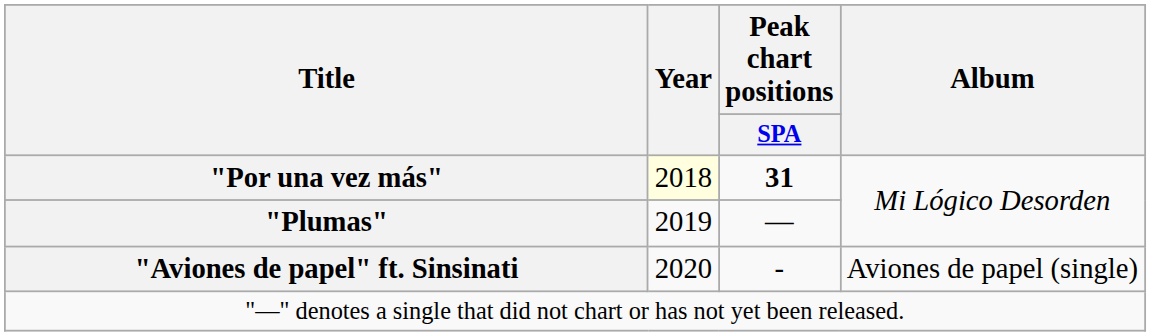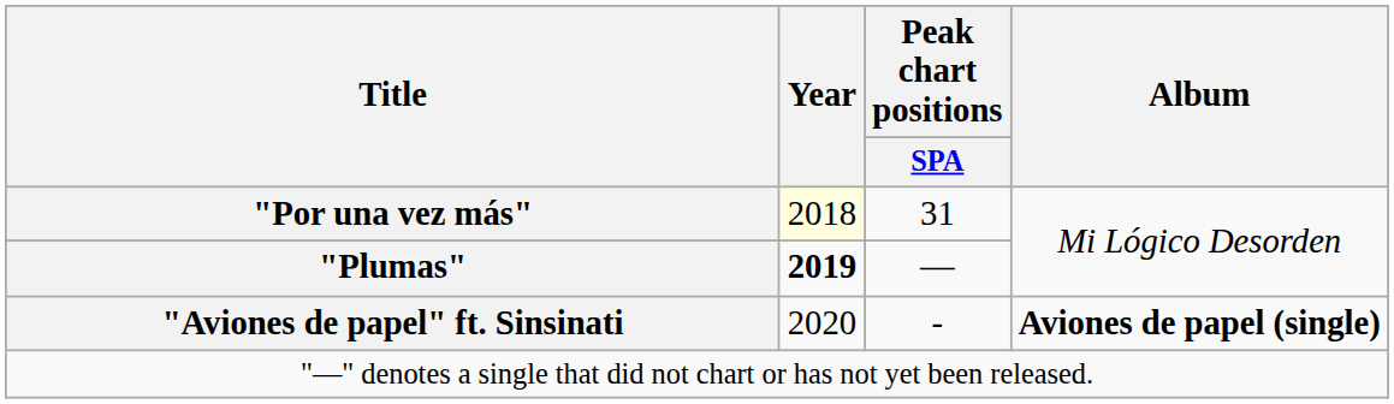 <table class="wikitable plainrowheaders" style="text-align:center;">
 <tr>
 <th scope="col" rowspan="2" style="width:22em;">Title</th>
 <th scope="col" rowspan="2" style="width:1em;">Year</th>
 <th scope="col" colspan="1">Peak chart positions</th>
 <th scope="col" rowspan="2">Album</th>
 </tr>
 <tr>
 <th scope="col" style="width:3em;font-size:85%;"><a href='#'>SPA</a><br></th>
 </tr>
 <tr>
 <th scope="row">"Por una vez más"</th>
 <td style="background: lightyellow;">2018</td>
-<td><strong>31</strong></td>
+<td>31</td>
 <td rowspan="2"><em>Mi Lógico Desorden</em></td>
 </tr>
 <tr>
 <th scope="row">"Plumas"</th>
-<td>2019</td>
+<td><strong>2019</strong></td>
 <td>—</td>
 </tr>
 <tr>
 <th>"Aviones de papel" ft. Sinsinati</th>
 <td>2020</td>
 <td>-</td>
-<td>Aviones de papel (single)</td>
+<td><strong>Aviones de papel (single)</strong></td>
 </tr>
 <tr>
 <td colspan="14" style="text-align:center; font-size:85%;">"—" denotes a single that did not chart or has not yet been released.</td>
 </tr>
 </table>
